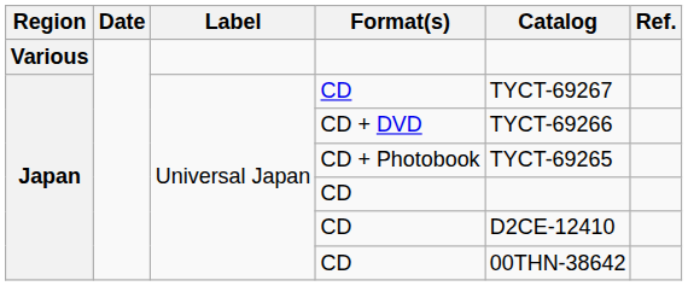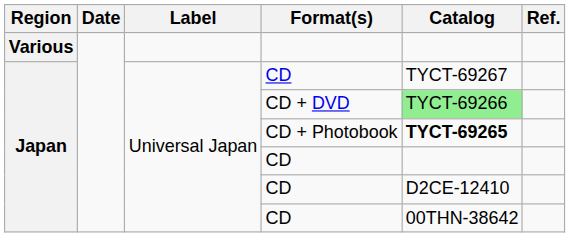 <table class="wikitable plainrowheaders">
 <tr>
 <th scope="col">Region</th>
 <th scope="col">Date</th>
 <th scope="col">Label</th>
 <th scope="col">Format(s)</th>
 <th scope="col">Catalog</th>
 <th scope="col">Ref.</th>
 </tr>
 <tr>
 <th scope="row">Various</th>
 <td rowspan="7"></td>
 <td></td>
 <td></td>
 <td></td>
 <td align="center"></td>
 </tr>
 <tr>
 <th scope="row" rowspan="6">Japan</th>
 <td rowspan="6">Universal Japan</td>
 <td><a href='#'>CD</a></td>
 <td>TYCT-69267</td>
 <td align="center"></td>
 </tr>
 <tr>
 <td>CD + <a href='#'>DVD</a></td>
-<td>TYCT-69266</td>
+<td style="background: lightgreen;">TYCT-69266</td>
 <td align="center"></td>
 </tr>
 <tr>
 <td>CD + Photobook</td>
-<td>TYCT-69265</td>
+<td><strong>TYCT-69265</strong></td>
 <td align="center"></td>
 </tr>
 <tr>
 <td>CD </td>
 <td></td>
 <td align="center"></td>
 </tr>
 <tr>
 <td>CD </td>
 <td>D2CE-12410</td>
 <td align="center"></td>
 </tr>
 <tr>
 <td>CD </td>
 <td>00THN-38642</td>
 <td align="center"></td>
 </tr>
 </table>
